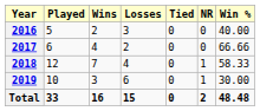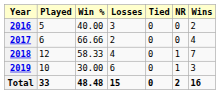 <table class="wikitable" style="width:25%;">
 <tr>
 <th style="background:#ffc;">Year</th>
 <th style="background:#ffc;">Played</th>
-<th style="background:#ffc;">Wins</th>
+<th style="background:#ffc;">Win %</th>
 <th style="background:#ffc;">Losses</th>
 <th style="background:#ffc;">Tied</th>
 <th style="background:#ffc;">NR</th>
-<th style="background:#ffc;">Win %</th>
+<th style="background:#ffc;">Wins</th>
 </tr>
 <tr>
 <th><a href='#'>2016</a></th>
 <td>5</td>
-<td>2</td>
+<td>40.00</td>
 <td>3</td>
 <td>0</td>
 <td>0</td>
-<td>40.00</td>
+<td>2</td>
 </tr>
 <tr>
 <th><a href='#'>2017</a></th>
 <td>6</td>
-<td>4</td>
+<td>66.66</td>
 <td>2</td>
 <td>0</td>
 <td>0</td>
-<td>66.66</td>
+<td>4</td>
 </tr>
 <tr>
 <th><a href='#'>2018</a></th>
 <td>12</td>
-<td>7</td>
+<td>58.33</td>
 <td>4</td>
 <td>0</td>
 <td>1</td>
-<td>58.33</td>
+<td>7</td>
 </tr>
 <tr>
 <th><a href='#'>2019</a></th>
 <td>10</td>
-<td>3</td>
+<td>30.00</td>
 <td>6</td>
 <td>0</td>
 <td>1</td>
-<td>30.00</td>
+<td>3</td>
 </tr>
 <tr>
 <th>Total</th>
 <td><strong>33</strong></td>
-<td><strong>16</strong></td>
+<td><strong>48.48</strong></td>
 <td><strong>15</strong></td>
 <td><strong>0</strong></td>
 <td><strong>2</strong></td>
-<td><strong>48.48</strong></td>
+<td><strong>16</strong></td>
 </tr>
 </table>
